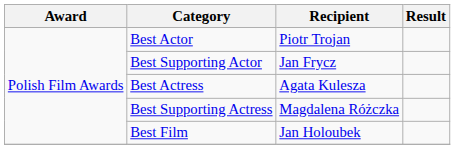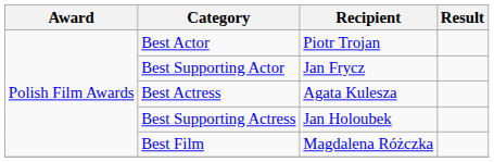 <table class="wikitable plainrowheaders sortable">
 <tr>
 <th scope="col">Award</th>
 <th scope="col">Category</th>
 <th scope="col">Recipient</th>
 <th scope="col">Result</th>
 </tr>
 <tr>
 <td rowspan="5"><a href='#'>Polish Film Awards</a></td>
 <td><a href='#'>Best Actor</a></td>
 <td><a href='#'>Piotr Trojan</a></td>
 <td></td>
 </tr>
 <tr>
 <td><a href='#'>Best Supporting Actor</a></td>
 <td><a href='#'>Jan Frycz</a></td>
 <td></td>
 </tr>
 <tr>
 <td><a href='#'>Best Actress</a></td>
 <td><a href='#'>Agata Kulesza</a></td>
 <td></td>
 </tr>
 <tr>
 <td><a href='#'>Best Supporting Actress</a></td>
-<td><a href='#'>Magdalena Różczka</a></td>
+<td><a href='#'>Jan Holoubek</a></td>
 <td></td>
 </tr>
 <tr>
 <td><a href='#'>Best Film</a></td>
-<td><a href='#'>Jan Holoubek</a></td>
+<td><a href='#'>Magdalena Różczka</a></td>
 <td></td>
 </tr>
 <tr>
 </tr>
 </table>
